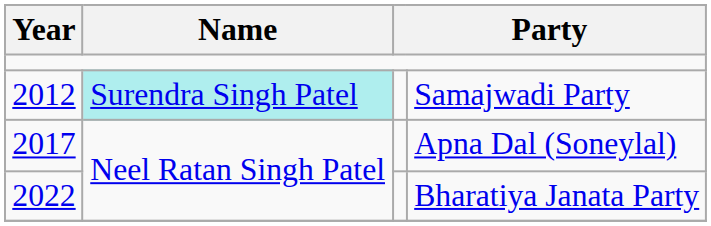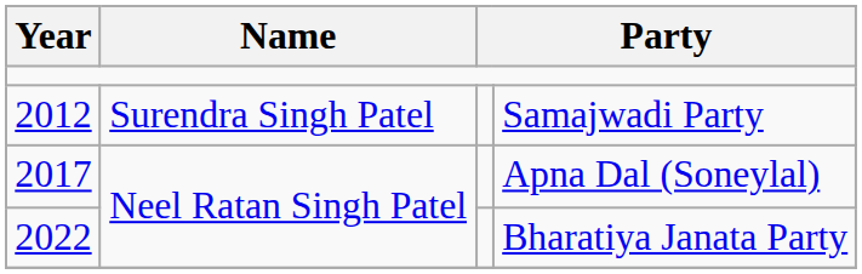 <table class="wikitable">
 <tr>
 <th>Year</th>
 <th>Name</th>
 <th colspan="2">Party</th>
 </tr>
 <tr>
 <td colspan="4"></td>
 </tr>
 <tr>
 <td><a href='#'>2012</a></td>
-<td style="background: paleturquoise;"><a href='#'>Surendra Singh Patel</a></td>
+<td><a href='#'>Surendra Singh Patel</a></td>
 <td style="background-color: "></td>
 <td><a href='#'>Samajwadi Party</a></td>
 </tr>
 <tr>
 <td><a href='#'>2017</a></td>
 <td rowspan="2"><a href='#'>Neel Ratan Singh Patel</a></td>
 <td style="background-color: "></td>
 <td><a href='#'>Apna Dal (Soneylal)</a></td>
 </tr>
 <tr>
 <td><a href='#'>2022</a></td>
 <td style="background-color: "></td>
 <td><a href='#'>Bharatiya Janata Party</a></td>
 </tr>
 <tr>
 </tr>
 </table>
